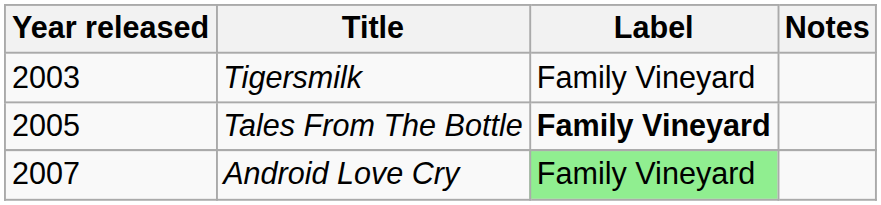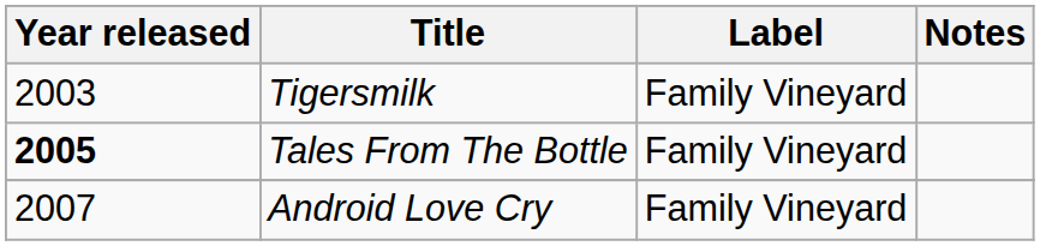 <table class="wikitable sortable">
 <tr>
 <th>Year released</th>
 <th>Title</th>
 <th>Label</th>
 <th>Notes</th>
 </tr>
 <tr>
 <td>2003</td>
 <td><em>Tigersmilk</em></td>
 <td>Family Vineyard</td>
 <td></td>
 </tr>
 <tr>
-<td>2005</td>
+<td><strong>2005</strong></td>
 <td><em>Tales From The Bottle</em></td>
-<td><strong>Family Vineyard</strong></td>
+<td>Family Vineyard</td>
 <td></td>
 </tr>
 <tr>
 </tr>
 <tr>
 <td>2007</td>
 <td><em>Android Love Cry</em></td>
-<td style="background: lightgreen;">Family Vineyard</td>
+<td>Family Vineyard</td>
 <td></td>
 </tr>
 </table>
